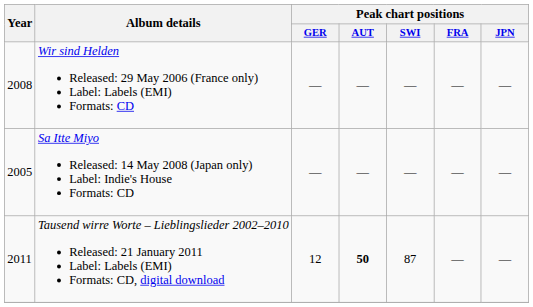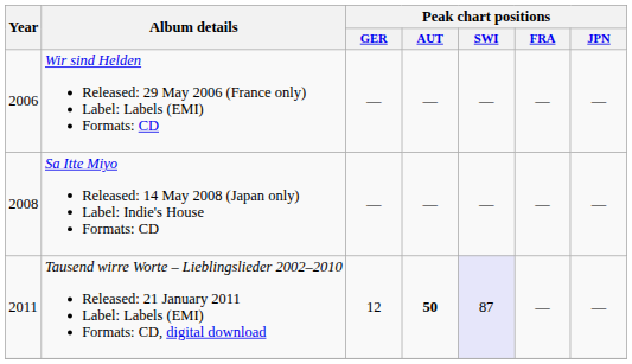 <table class="wikitable">
 <tr>
 <th rowspan="2">Year</th>
 <th rowspan="2">Album details</th>
 <th colspan="5">Peak chart positions</th>
 </tr>
 <tr>
 <th style="width:4em;font-size:85%"><a href='#'>GER</a></th>
 <th style="width:4em;font-size:85%"><a href='#'>AUT</a></th>
 <th style="width:4em;font-size:85%"><a href='#'>SWI</a></th>
 <th style="width:4em;font-size:85%"><a href='#'>FRA</a></th>
 <th style="width:4em;font-size:85%"><a href='#'>JPN</a></th>
 </tr>
 <tr>
-<td>2008</td>
+<td>2006</td>
 <td><em><a href='#'>Wir sind Helden</a></em><br><ul><li>Released: 29 May 2006 (France only)</li><li>Label: Labels (EMI)</li><li>Formats: <a href='#'>CD</a></li></ul></td>
 <td align="center">—</td>
 <td align="center">—</td>
 <td align="center">—</td>
 <td align="center">—</td>
 <td align="center">—</td>
 </tr>
 <tr>
-<td>2005</td>
+<td>2008</td>
 <td><em><a href='#'>Sa Itte Miyo</a></em><br><ul><li>Released: 14 May 2008 (Japan only)</li><li>Label: Indie's House</li><li>Formats: CD</li></ul></td>
 <td align="center">—</td>
 <td align="center">—</td>
 <td align="center">—</td>
 <td align="center">—</td>
 <td align="center">—</td>
 </tr>
 <tr>
 <td>2011</td>
 <td><em>Tausend wirre Worte – Lieblingslieder 2002–2010</em><br><ul><li>Released: 21 January 2011</li><li>Label: Labels (EMI)</li><li>Formats: CD, <a href='#'>digital download</a></li></ul></td>
 <td align="center">12</td>
 <td align="center"><strong>50</strong></td>
-<td align="center">87</td>
+<td align="center" style="background: lavender;">87</td>
 <td align="center">—</td>
 <td align="center">—</td>
 </tr>
 <tr>
 </tr>
 </table>
